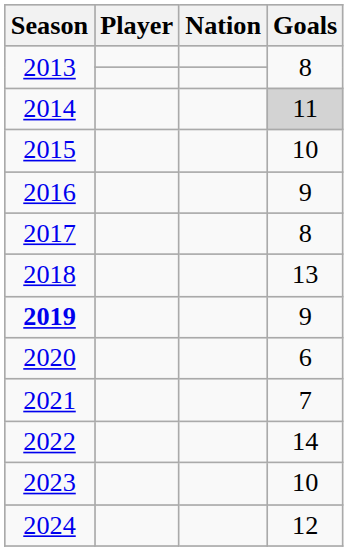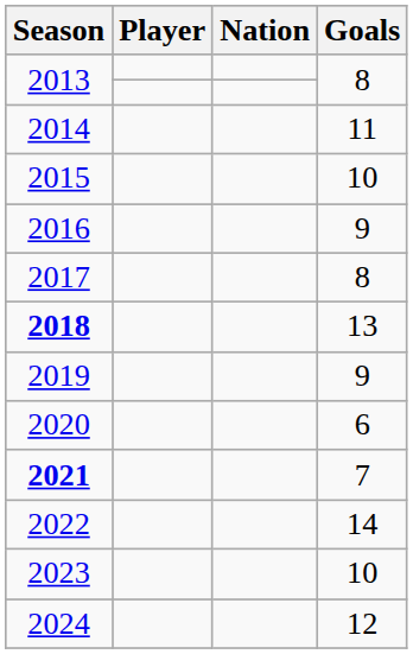 <table class="wikitable sortable" style="text-align: center">
 <tr>
 <th>Season</th>
 <th>Player</th>
 <th>Nation</th>
 <th>Goals</th>
 </tr>
 <tr>
 <td rowspan=2><a href='#'>2013</a></td>
 <td></td>
 <td></td>
 <td rowspan=2>8</td>
 </tr>
 <tr>
 <td></td>
 <td></td>
 </tr>
 <tr>
 <td><a href='#'>2014</a></td>
 <td></td>
 <td></td>
-<td style="background: lightgrey;">11</td>
+<td>11</td>
 </tr>
 <tr>
 <td><a href='#'>2015</a></td>
 <td></td>
 <td></td>
 <td>10</td>
 </tr>
 <tr>
 <td><a href='#'>2016</a></td>
 <td></td>
 <td></td>
 <td>9</td>
 </tr>
 <tr>
 <td><a href='#'>2017</a></td>
 <td></td>
 <td></td>
 <td>8</td>
 </tr>
 <tr>
-<td><a href='#'>2018</a></td>
+<td><strong><a href='#'>2018</a></strong></td>
 <td></td>
 <td></td>
 <td>13</td>
 </tr>
 <tr>
-<td><strong><a href='#'>2019</a></strong></td>
+<td><a href='#'>2019</a></td>
 <td></td>
 <td></td>
 <td>9</td>
 </tr>
 <tr>
 <td><a href='#'>2020</a></td>
 <td></td>
 <td></td>
 <td>6</td>
 </tr>
 <tr>
-<td><a href='#'>2021</a></td>
+<td><strong><a href='#'>2021</a></strong></td>
 <td></td>
 <td></td>
 <td>7</td>
 </tr>
 <tr>
 <td><a href='#'>2022</a></td>
 <td></td>
 <td></td>
 <td>14</td>
 </tr>
 <tr>
 <td><a href='#'>2023</a></td>
 <td></td>
 <td></td>
 <td>10</td>
 </tr>
 <tr>
 <td><a href='#'>2024</a></td>
 <td></td>
 <td></td>
 <td>12</td>
 </tr>
 </table>
